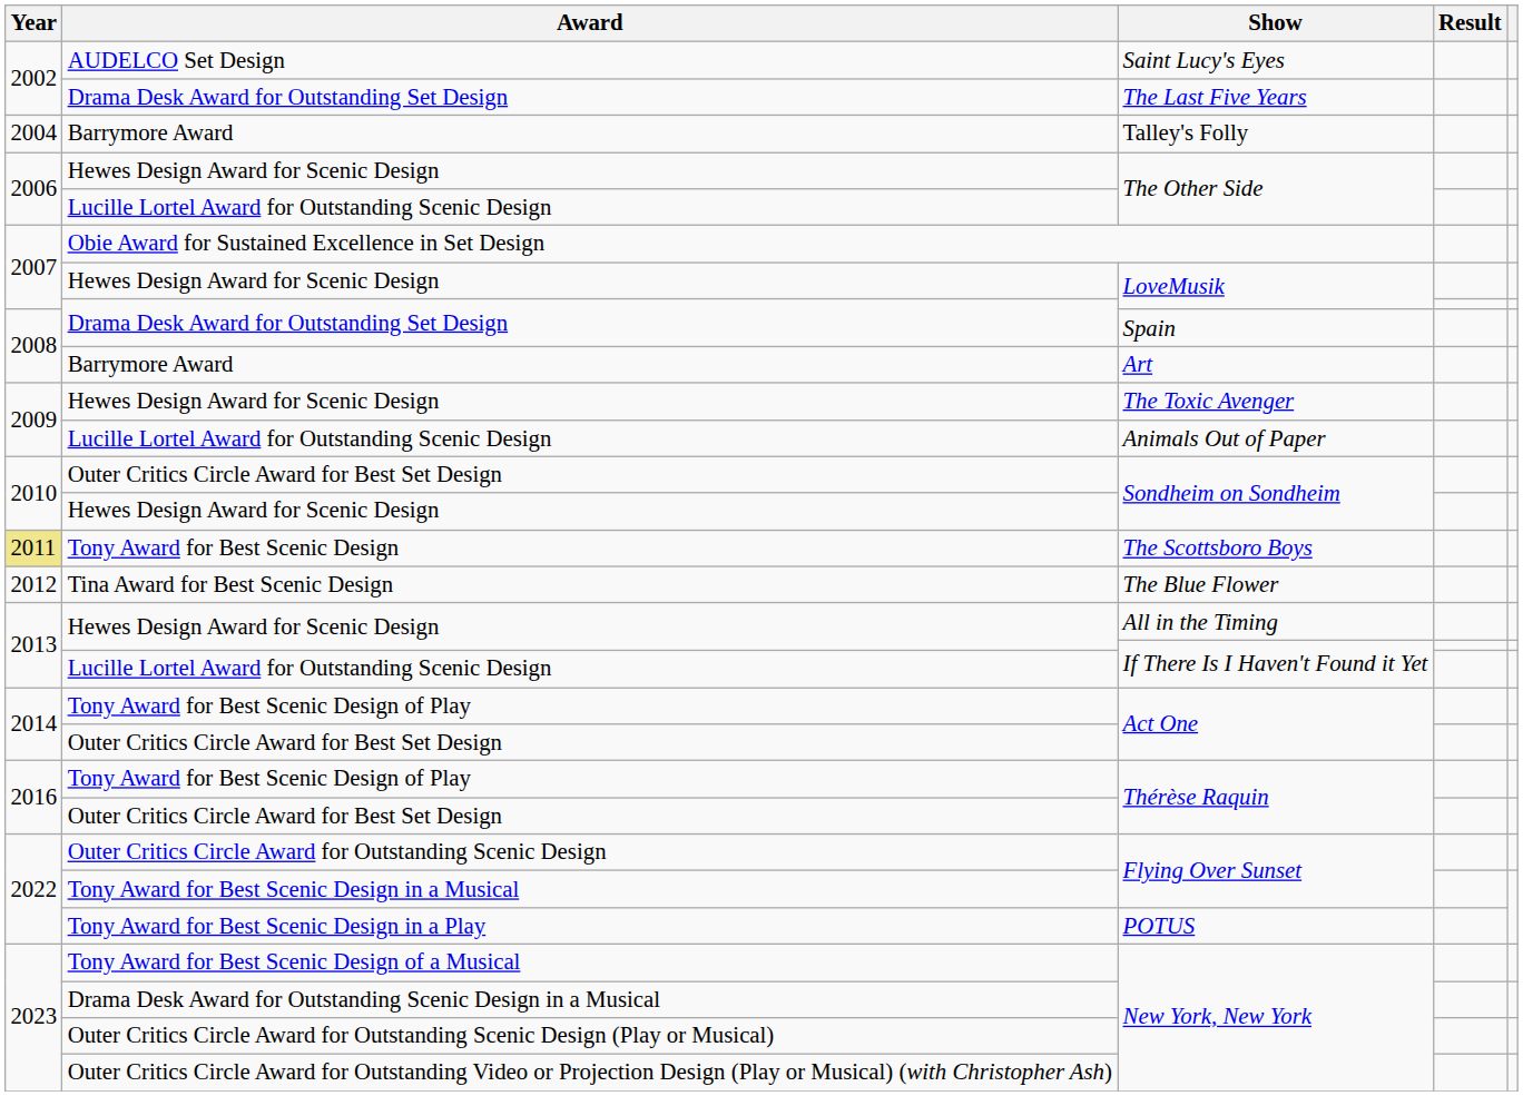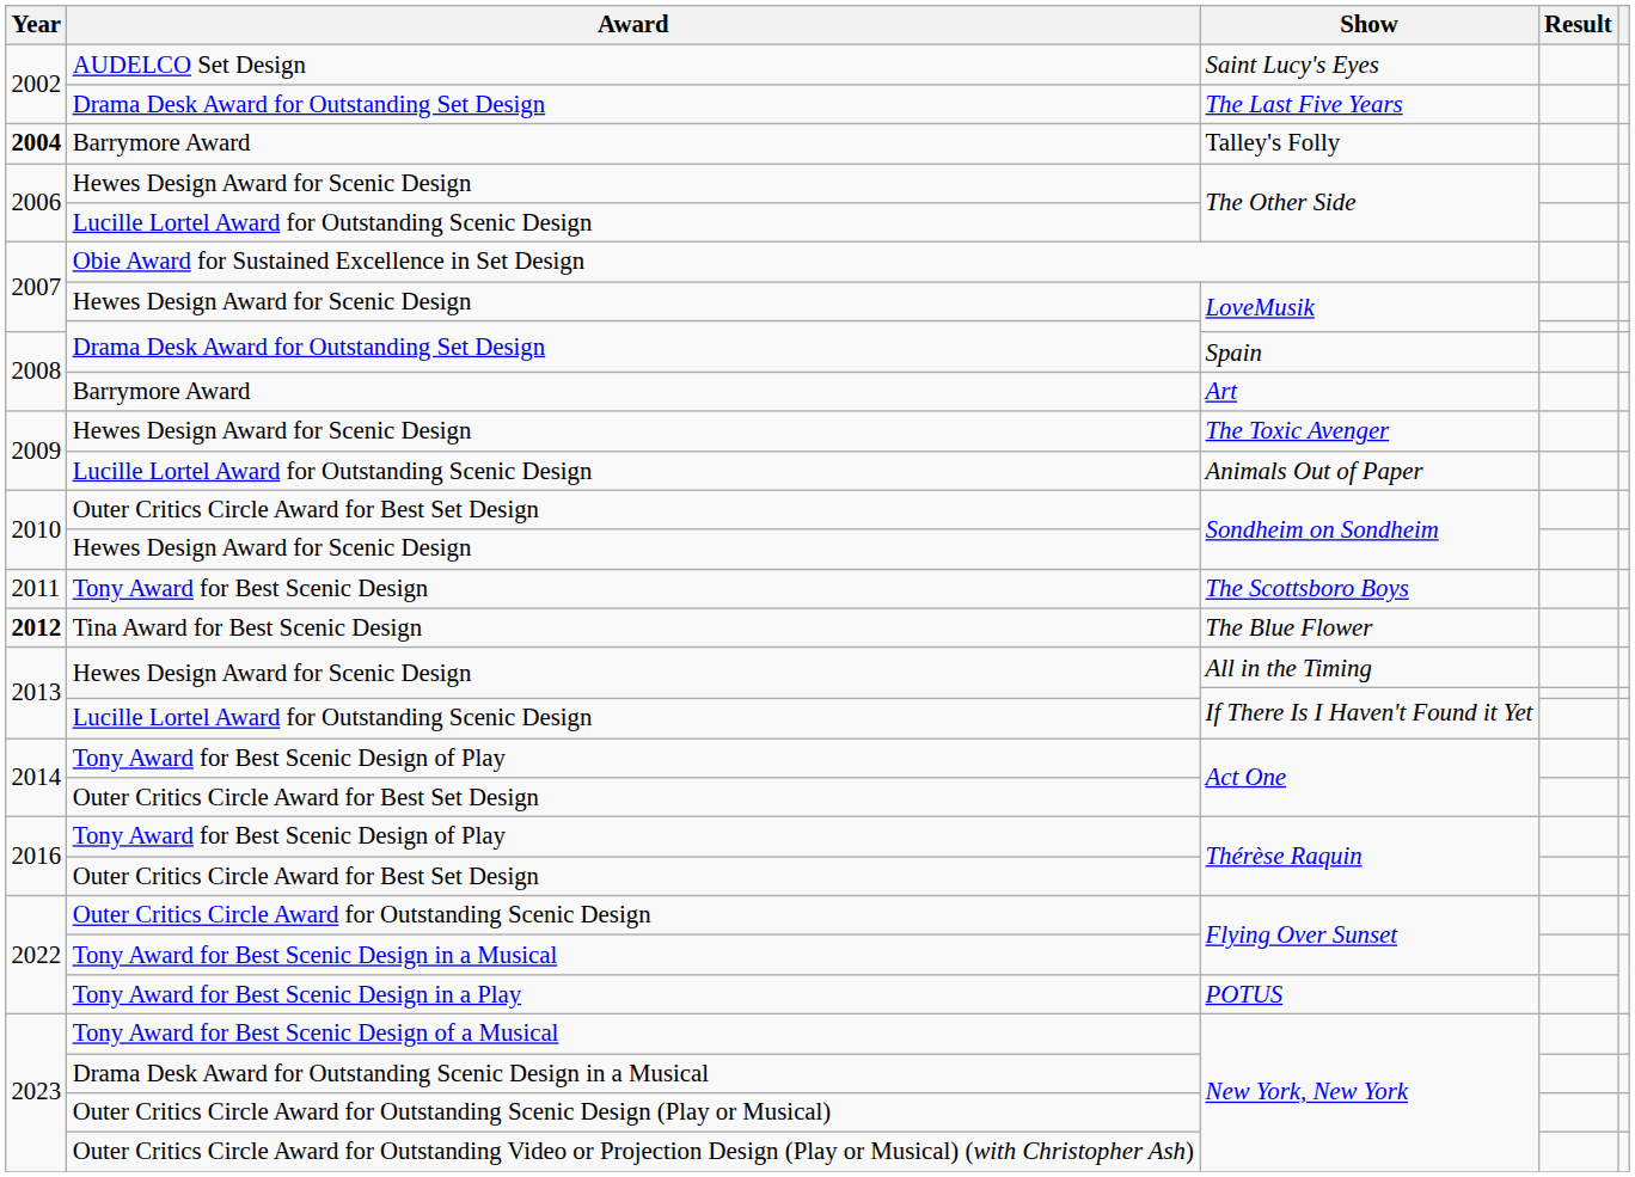 <table class="wikitable sortable">
 <tr>
 <th>Year</th>
 <th>Award</th>
 <th>Show</th>
 <th>Result</th>
 <th class=unsortable></th>
 </tr>
 <tr>
 <td rowspan=2>2002</td>
 <td><a href='#'>AUDELCO</a> Set Design</td>
 <td><em>Saint Lucy's Eyes</em></td>
 <td></td>
 <td></td>
 </tr>
 <tr>
 <td><a href='#'>Drama Desk Award for Outstanding Set Design</a></td>
 <td><em><a href='#'>The Last Five Years</a></em></td>
 <td></td>
 <td></td>
 </tr>
 <tr>
-<td>2004</td>
+<td><strong>2004</strong></td>
 <td>Barrymore Award</td>
 <td>Talley's Folly</td>
 <td></td>
 <td></td>
 </tr>
 <tr>
 <td rowspan=2>2006</td>
 <td>Hewes Design Award for Scenic Design</td>
 <td rowspan=2><em>The Other Side</em></td>
 <td></td>
 <td></td>
 </tr>
 <tr>
 <td><a href='#'>Lucille Lortel Award</a> for Outstanding Scenic Design</td>
 <td></td>
 <td></td>
 </tr>
 <tr>
 <td rowspan=3>2007</td>
 <td colspan=2><a href='#'>Obie Award</a> for Sustained Excellence in Set Design</td>
 <td></td>
 <td></td>
 </tr>
 <tr>
 <td>Hewes Design Award for Scenic Design</td>
 <td rowspan=2><em><a href='#'>LoveMusik</a></em></td>
 <td></td>
 <td></td>
 </tr>
 <tr>
 <td rowspan=2><a href='#'>Drama Desk Award for Outstanding Set Design</a></td>
 <td></td>
 </tr>
 <tr>
 <td rowspan=2>2008</td>
 <td><em>Spain</em></td>
 <td></td>
 <td></td>
 </tr>
 <tr>
 <td>Barrymore Award</td>
 <td><em><a href='#'>Art</a></em></td>
 <td></td>
 <td></td>
 </tr>
 <tr>
 <td rowspan=2>2009</td>
 <td>Hewes Design Award for Scenic Design</td>
 <td><em><a href='#'>The Toxic Avenger</a></em></td>
 <td></td>
 <td></td>
 </tr>
 <tr>
 <td><a href='#'>Lucille Lortel Award</a> for Outstanding Scenic Design</td>
 <td><em>Animals Out of Paper</em></td>
 <td></td>
 <td></td>
 </tr>
 <tr>
 <td rowspan=2>2010</td>
 <td>Outer Critics Circle Award for Best Set Design</td>
 <td rowspan=2><em><a href='#'>Sondheim on Sondheim</a></em></td>
 <td></td>
 <td></td>
 </tr>
 <tr>
 <td>Hewes Design Award for Scenic Design</td>
 <td></td>
 <td></td>
 </tr>
 <tr>
-<td style="background: khaki;">2011</td>
+<td>2011</td>
 <td><a href='#'>Tony Award</a> for Best Scenic Design</td>
 <td><em><a href='#'>The Scottsboro Boys</a></em></td>
 <td></td>
 <td></td>
 </tr>
 <tr>
-<td>2012</td>
+<td><strong>2012</strong></td>
 <td>Tina Award for Best Scenic Design</td>
 <td><em>The Blue Flower</em></td>
 <td></td>
 <td></td>
 </tr>
 <tr>
 <td rowspan=3>2013</td>
 <td rowspan=2>Hewes Design Award for Scenic Design</td>
 <td><em>All in the Timing</em></td>
 <td></td>
 <td></td>
 </tr>
 <tr>
 <td rowspan=2><em>If There Is I Haven't Found it Yet</em></td>
 <td></td>
 <td></td>
 </tr>
 <tr>
 <td><a href='#'>Lucille Lortel Award</a> for Outstanding Scenic Design</td>
 <td></td>
 <td></td>
 </tr>
 <tr>
 <td rowspan=2>2014</td>
 <td><a href='#'>Tony Award</a> for Best Scenic Design of Play</td>
 <td rowspan=2><em><a href='#'>Act One</a></em></td>
 <td></td>
 <td></td>
 </tr>
 <tr>
 <td>Outer Critics Circle Award for Best Set Design</td>
 <td></td>
 <td></td>
 </tr>
 <tr>
 <td rowspan=2>2016</td>
 <td><a href='#'>Tony Award</a> for Best Scenic Design of Play</td>
 <td rowspan=2><em><a href='#'>Thérèse Raquin</a></em></td>
 <td></td>
 <td></td>
 </tr>
 <tr>
 <td>Outer Critics Circle Award for Best Set Design</td>
 <td></td>
 <td></td>
 </tr>
 <tr>
 <td rowspan=3>2022</td>
 <td><a href='#'>Outer Critics Circle Award</a> for Outstanding Scenic Design</td>
 <td rowspan=2><em><a href='#'>Flying Over Sunset</a></em></td>
 <td></td>
 <td></td>
 </tr>
 <tr>
 <td><a href='#'>Tony Award for Best Scenic Design in a Musical</a></td>
 <td></td>
 <td rowspan=2></td>
 </tr>
 <tr>
 <td><a href='#'>Tony Award for Best Scenic Design in a Play</a></td>
 <td><em><a href='#'>POTUS</a></em></td>
 <td></td>
 </tr>
 <tr>
 <td rowspan="4">2023</td>
 <td><a href='#'>Tony Award for Best Scenic Design of a Musical</a></td>
 <td rowspan="4"><em><a href='#'>New York, New York</a></em></td>
 <td></td>
 <td></td>
 </tr>
 <tr>
 <td>Drama Desk Award for Outstanding Scenic Design in a Musical</td>
 <td></td>
 <td></td>
 </tr>
 <tr>
 <td>Outer Critics Circle Award for Outstanding Scenic Design (Play or Musical)</td>
 <td></td>
 <td></td>
 </tr>
 <tr>
 <td>Outer Critics Circle Award for Outstanding Video or Projection Design (Play or Musical) (<em>with Christopher Ash</em>)</td>
 <td></td>
 <td></td>
 </tr>
 </table>
